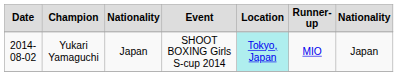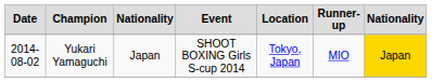 <table class="wikitable" style="text-align:center">
 <tr bgcolor="#dddddd">
 <td><strong>Date</strong></td>
 <td><strong>Champion</strong></td>
 <td><strong>Nationality</strong></td>
 <td><strong>Event</strong></td>
 <td><strong>Location</strong></td>
 <td><strong>Runner-up</strong></td>
 <td><strong>Nationality</strong></td>
 </tr>
 <tr>
 </tr>
 <tr>
 <td>2014-08-02</td>
 <td>Yukari Yamaguchi</td>
 <td> Japan</td>
 <td>SHOOT BOXING Girls S-cup 2014</td>
-<td style="background: paleturquoise;"><a href='#'>Tokyo, Japan</a></td>
+<td><a href='#'>Tokyo, Japan</a></td>
 <td><a href='#'>MIO</a></td>
-<td> Japan</td>
+<td style="background: gold;"> Japan</td>
 </tr>
 <tr>
 </tr>
 </table>
